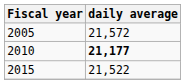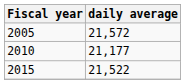 <table class="wikitable">
 <tr>
 <th>Fiscal year</th>
 <th>daily average</th>
 </tr>
 <tr>
 <td>2005</td>
 <td>21,572</td>
 </tr>
 <tr>
 <td>2010</td>
-<td><strong>21,177</strong></td>
+<td>21,177</td>
 </tr>
 <tr>
 <td>2015</td>
 <td>21,522</td>
 </tr>
 <tr>
 </tr>
 </table>
